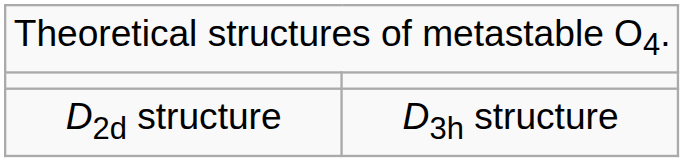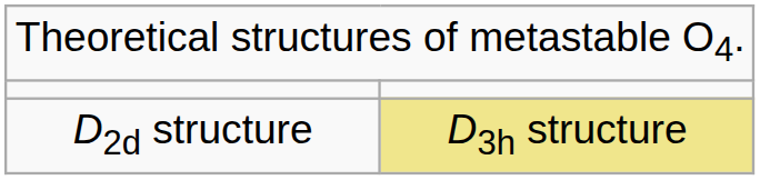 <table class="wikitable" style="text-align:center;">
 <tr>
 <td colspan="2">Theoretical structures of metastable O<sub>4</sub>.</td>
 </tr>
 <tr>
 <td></td>
 <td></td>
 </tr>
 <tr>
 <td><em>D</em><sub>2d</sub> structure</td>
-<td><em>D</em><sub>3h</sub> structure</td>
+<td style="background: khaki;"><em>D</em><sub>3h</sub> structure</td>
 </tr>
 </table>
